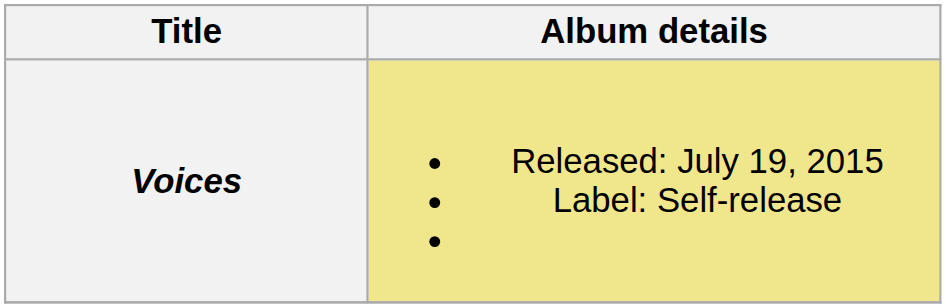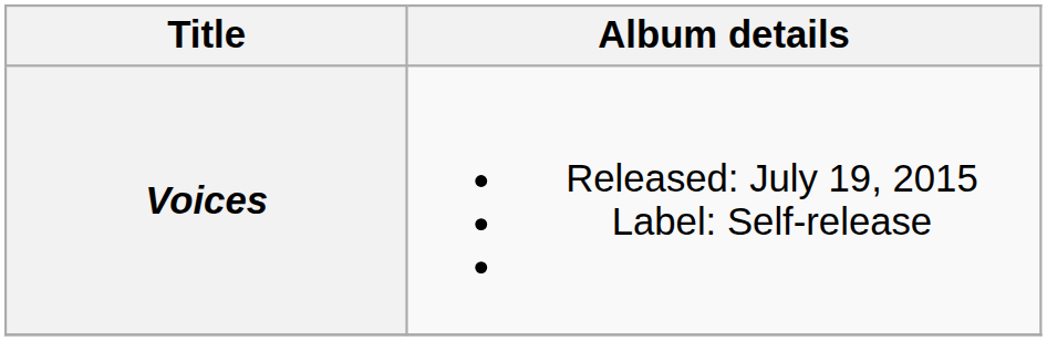 <table class="wikitable plainrowheaders" style="text-align:center;">
 <tr>
 <th scope="col" style="width:10em;">Title</th>
 <th scope="col" style="width:16em;">Album details</th>
 </tr>
 <tr>
 <th scope="row"><em>Voices</em></th>
-<td style="background: khaki;"><br><ul><li>Released: July 19, 2015</li><li>Label: Self-release</li><li></li></ul></td>
+<td><br><ul><li>Released: July 19, 2015</li><li>Label: Self-release</li><li></li></ul></td>
 </tr>
 <tr>
 </tr>
 </table>
